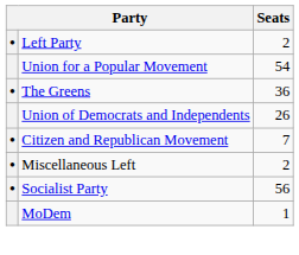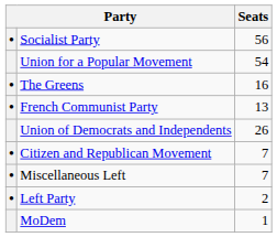 <table class="wikitable" style="float:right; margin:1em; font-size:95%;">
 <tr>
 <th colspan=2>Party</th>
 <th>Seats</th>
 </tr>
 <tr>
 <th style="background-color: "><span>•</span></th>
-<td><a href='#'>Left Party</a></td>
-<td align="right">2</td>
+<td><a href='#'>Socialist Party</a></td>
+<td align="right">56</td>
 </tr>
 <tr>
 <th style="background-color: "></th>
 <td><a href='#'>Union for a Popular Movement</a></td>
 <td align="right">54</td>
 </tr>
 <tr>
 <th style="background-color: "><span>•</span></th>
 <td><a href='#'>The Greens</a></td>
-<td align="right">36</td>
+<td align="right">16</td>
+</tr>
+<tr>
+<th style="background-color: "><span>•</span></th>
+<td><a href='#'>French Communist Party</a></td>
+<td align="right">13</td>
 </tr>
 <tr>
 <th style="background-color: "></th>
 <td><a href='#'>Union of Democrats and Independents</a></td>
 <td align="right">26</td>
 </tr>
 <tr>
 <th style="background-color: "><span>•</span></th>
 <td><a href='#'>Citizen and Republican Movement</a></td>
 <td align="right">7</td>
 </tr>
 <tr>
 <th style="background-color: "><span>•</span></th>
 <td>Miscellaneous Left</td>
-<td align="right">2</td>
+<td align="right">7</td>
 </tr>
 <tr>
 <th style="background-color: "><span>•</span></th>
-<td><a href='#'>Socialist Party</a></td>
-<td align="right">56</td>
+<td><a href='#'>Left Party</a></td>
+<td align="right">2</td>
 </tr>
 <tr>
 <th style="background-color: "></th>
 <td><a href='#'>MoDem</a></td>
 <td align="right">1</td>
 </tr>
 </table>
